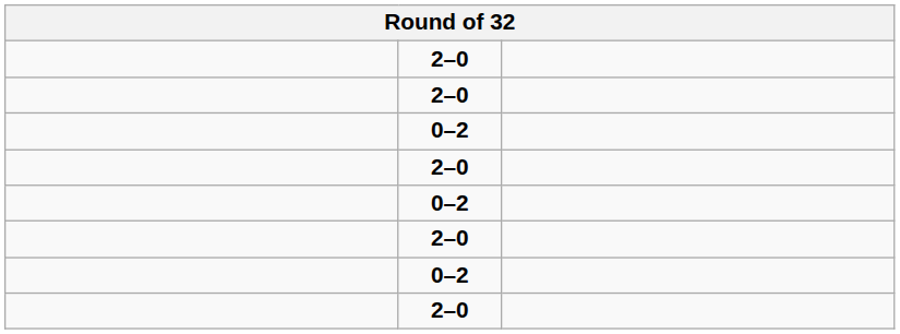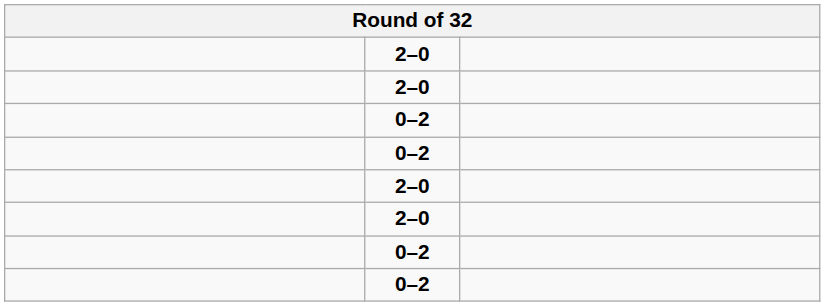 <table class="wikitable" style="text-align: center;">
 <tr>
 <th colspan=3>Round of 32</th>
 </tr>
 <tr>
 <td align=left width="270"><strong></strong></td>
 <td align=center width="65"><strong>2–0</strong></td>
 <td align=left width="270"></td>
 </tr>
 <tr>
 <td align=left><strong></strong></td>
 <td align=center><strong>2–0</strong></td>
 <td align=left></td>
 </tr>
 <tr>
 <td align=left></td>
 <td align=center><strong>0–2</strong></td>
 <td align=left><strong></strong></td>
 </tr>
 <tr>
 <td align=left><strong></strong></td>
-<td align=center><strong>2–0</strong></td>
+<td align=center><strong>0–2</strong></td>
 <td align=left></td>
 </tr>
 <tr>
 <td align=left><strong></strong></td>
-<td align=center><strong>0–2</strong></td>
+<td align=center><strong>2–0</strong></td>
 <td align=left></td>
 </tr>
 <tr>
 <td align=left><strong></strong></td>
 <td align=center><strong>2–0</strong></td>
 <td align=left></td>
 </tr>
 <tr>
 <td align=left></td>
 <td align=center><strong>0–2</strong></td>
 <td align=left><strong></strong></td>
 </tr>
 <tr>
 <td align=left></td>
-<td align=center><strong>2–0</strong></td>
+<td align=center><strong>0–2</strong></td>
 <td align=left><strong></strong></td>
 </tr>
 </table>
